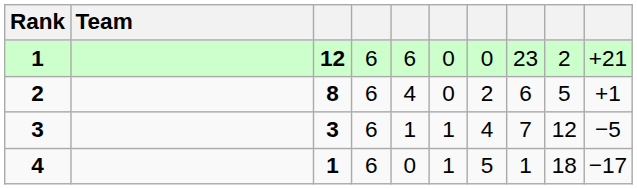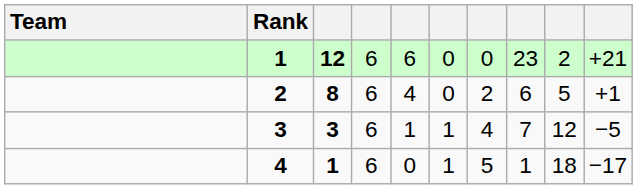 <table class="wikitable" style="text-align:center">
 <tr>
+<th width=165 style="text-align:left">Team</th>
 <th width=30>Rank</th>
-<th width=165 style="text-align:left">Team</th>
 <th width=20></th>
 <th width=20></th>
 <th width=20></th>
 <th width=20></th>
 <th width=20></th>
 <th width=20></th>
 <th width=20></th>
 <th width=20></th>
 </tr>
 <tr bgcolor="#ccffcc">
+<td align="left"></td>
 <td><strong>1</strong></td>
-<td align="left"></td>
 <td><strong>12</strong></td>
 <td>6</td>
 <td>6</td>
 <td>0</td>
 <td>0</td>
 <td>23</td>
 <td>2</td>
 <td>+21</td>
 </tr>
 <tr>
+<td align="left"></td>
 <td><strong>2</strong></td>
-<td align="left"></td>
 <td><strong>8</strong></td>
 <td>6</td>
 <td>4</td>
 <td>0</td>
 <td>2</td>
 <td>6</td>
 <td>5</td>
 <td>+1</td>
 </tr>
 <tr>
+<td align="left"></td>
 <td><strong>3</strong></td>
-<td align="left"></td>
 <td><strong>3</strong></td>
 <td>6</td>
 <td>1</td>
 <td>1</td>
 <td>4</td>
 <td>7</td>
 <td>12</td>
 <td>−5</td>
 </tr>
 <tr>
+<td align="left"></td>
 <td><strong>4</strong></td>
-<td align="left"></td>
 <td><strong>1</strong></td>
 <td>6</td>
 <td>0</td>
 <td>1</td>
 <td>5</td>
 <td>1</td>
 <td>18</td>
 <td>−17</td>
 </tr>
 </table>
